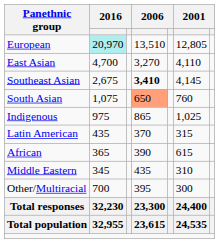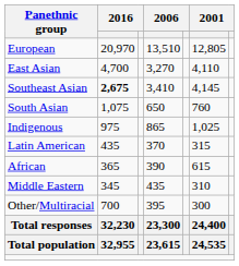 <table class="wikitable sortable">
 <tr>
 <th rowspan="2"><a href='#'>Panethnic</a><br>group</th>
 <th colspan="2">2016</th>
 <th colspan="2">2006</th>
 <th colspan="2">2001</th>
 </tr>
 <tr>
 <th><a href='#'></a></th>
 <th></th>
 <th></th>
 <th></th>
 <th></th>
 <th></th>
 </tr>
 <tr>
 <td><a href='#'>European</a></td>
-<td style="background: paleturquoise;">20,970</td>
+<td>20,970</td>
 <td></td>
 <td>13,510</td>
 <td></td>
 <td>12,805</td>
 <td></td>
 </tr>
 <tr>
 <td><a href='#'>East Asian</a></td>
 <td>4,700</td>
 <td></td>
 <td>3,270</td>
 <td></td>
 <td>4,110</td>
 <td></td>
 </tr>
 <tr>
 <td><a href='#'>Southeast Asian</a></td>
-<td>2,675</td>
+<td><strong>2,675</strong></td>
 <td></td>
-<td><strong>3,410</strong></td>
+<td>3,410</td>
 <td></td>
 <td>4,145</td>
 <td></td>
 </tr>
 <tr>
 <td><a href='#'>South Asian</a></td>
 <td>1,075</td>
 <td></td>
-<td style="background: lightsalmon;">650</td>
+<td>650</td>
 <td></td>
 <td>760</td>
 <td></td>
 </tr>
 <tr>
 <td><a href='#'>Indigenous</a></td>
 <td>975</td>
 <td></td>
 <td>865</td>
 <td></td>
 <td>1,025</td>
 <td></td>
 </tr>
 <tr>
 <td><a href='#'>Latin American</a></td>
 <td>435</td>
 <td></td>
 <td>370</td>
 <td></td>
 <td>315</td>
 <td></td>
 </tr>
 <tr>
 <td><a href='#'>African</a></td>
 <td>365</td>
 <td></td>
 <td>390</td>
 <td></td>
 <td>615</td>
 <td></td>
 </tr>
 <tr>
 <td><a href='#'>Middle Eastern</a></td>
 <td>345</td>
 <td></td>
 <td>435</td>
 <td></td>
 <td>310</td>
 <td></td>
 </tr>
 <tr>
 <td>Other/<a href='#'>Multiracial</a></td>
 <td>700</td>
 <td></td>
 <td>395</td>
 <td></td>
 <td>300</td>
 <td></td>
 </tr>
 <tr>
 <th>Total responses</th>
 <th>32,230</th>
 <th></th>
 <th>23,300</th>
 <th></th>
 <th>24,400</th>
 <th></th>
 </tr>
 <tr>
 <th>Total population</th>
 <th>32,955</th>
 <th></th>
 <th>23,615</th>
 <th></th>
 <th>24,535</th>
 <th></th>
 </tr>
 <tr class="sortbottom">
 <td colspan="10"></td>
 </tr>
 </table>
